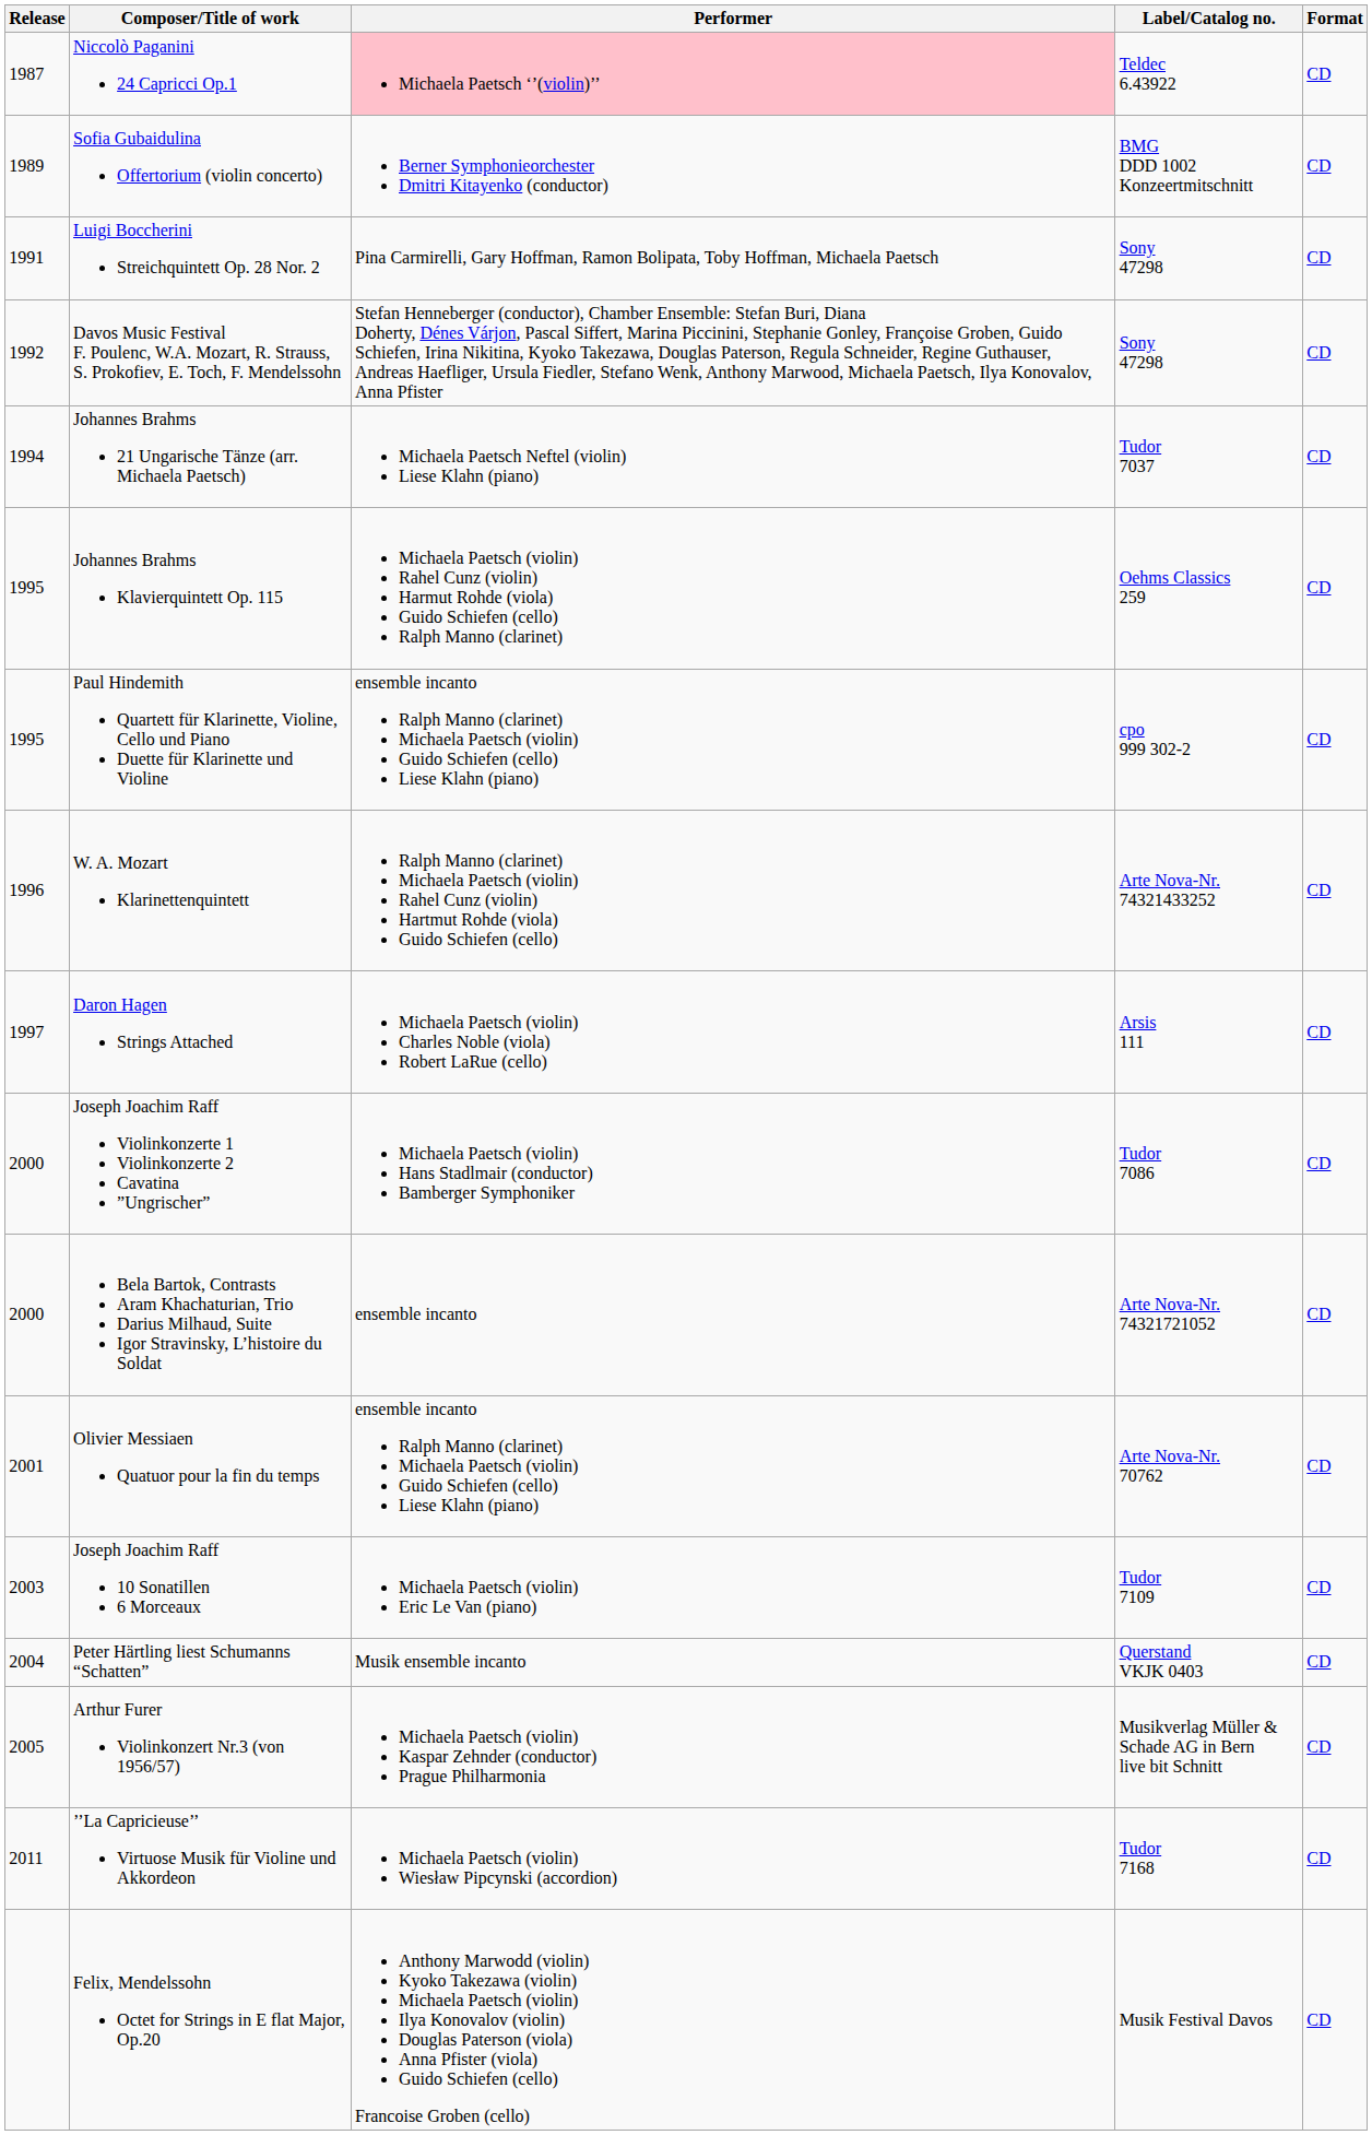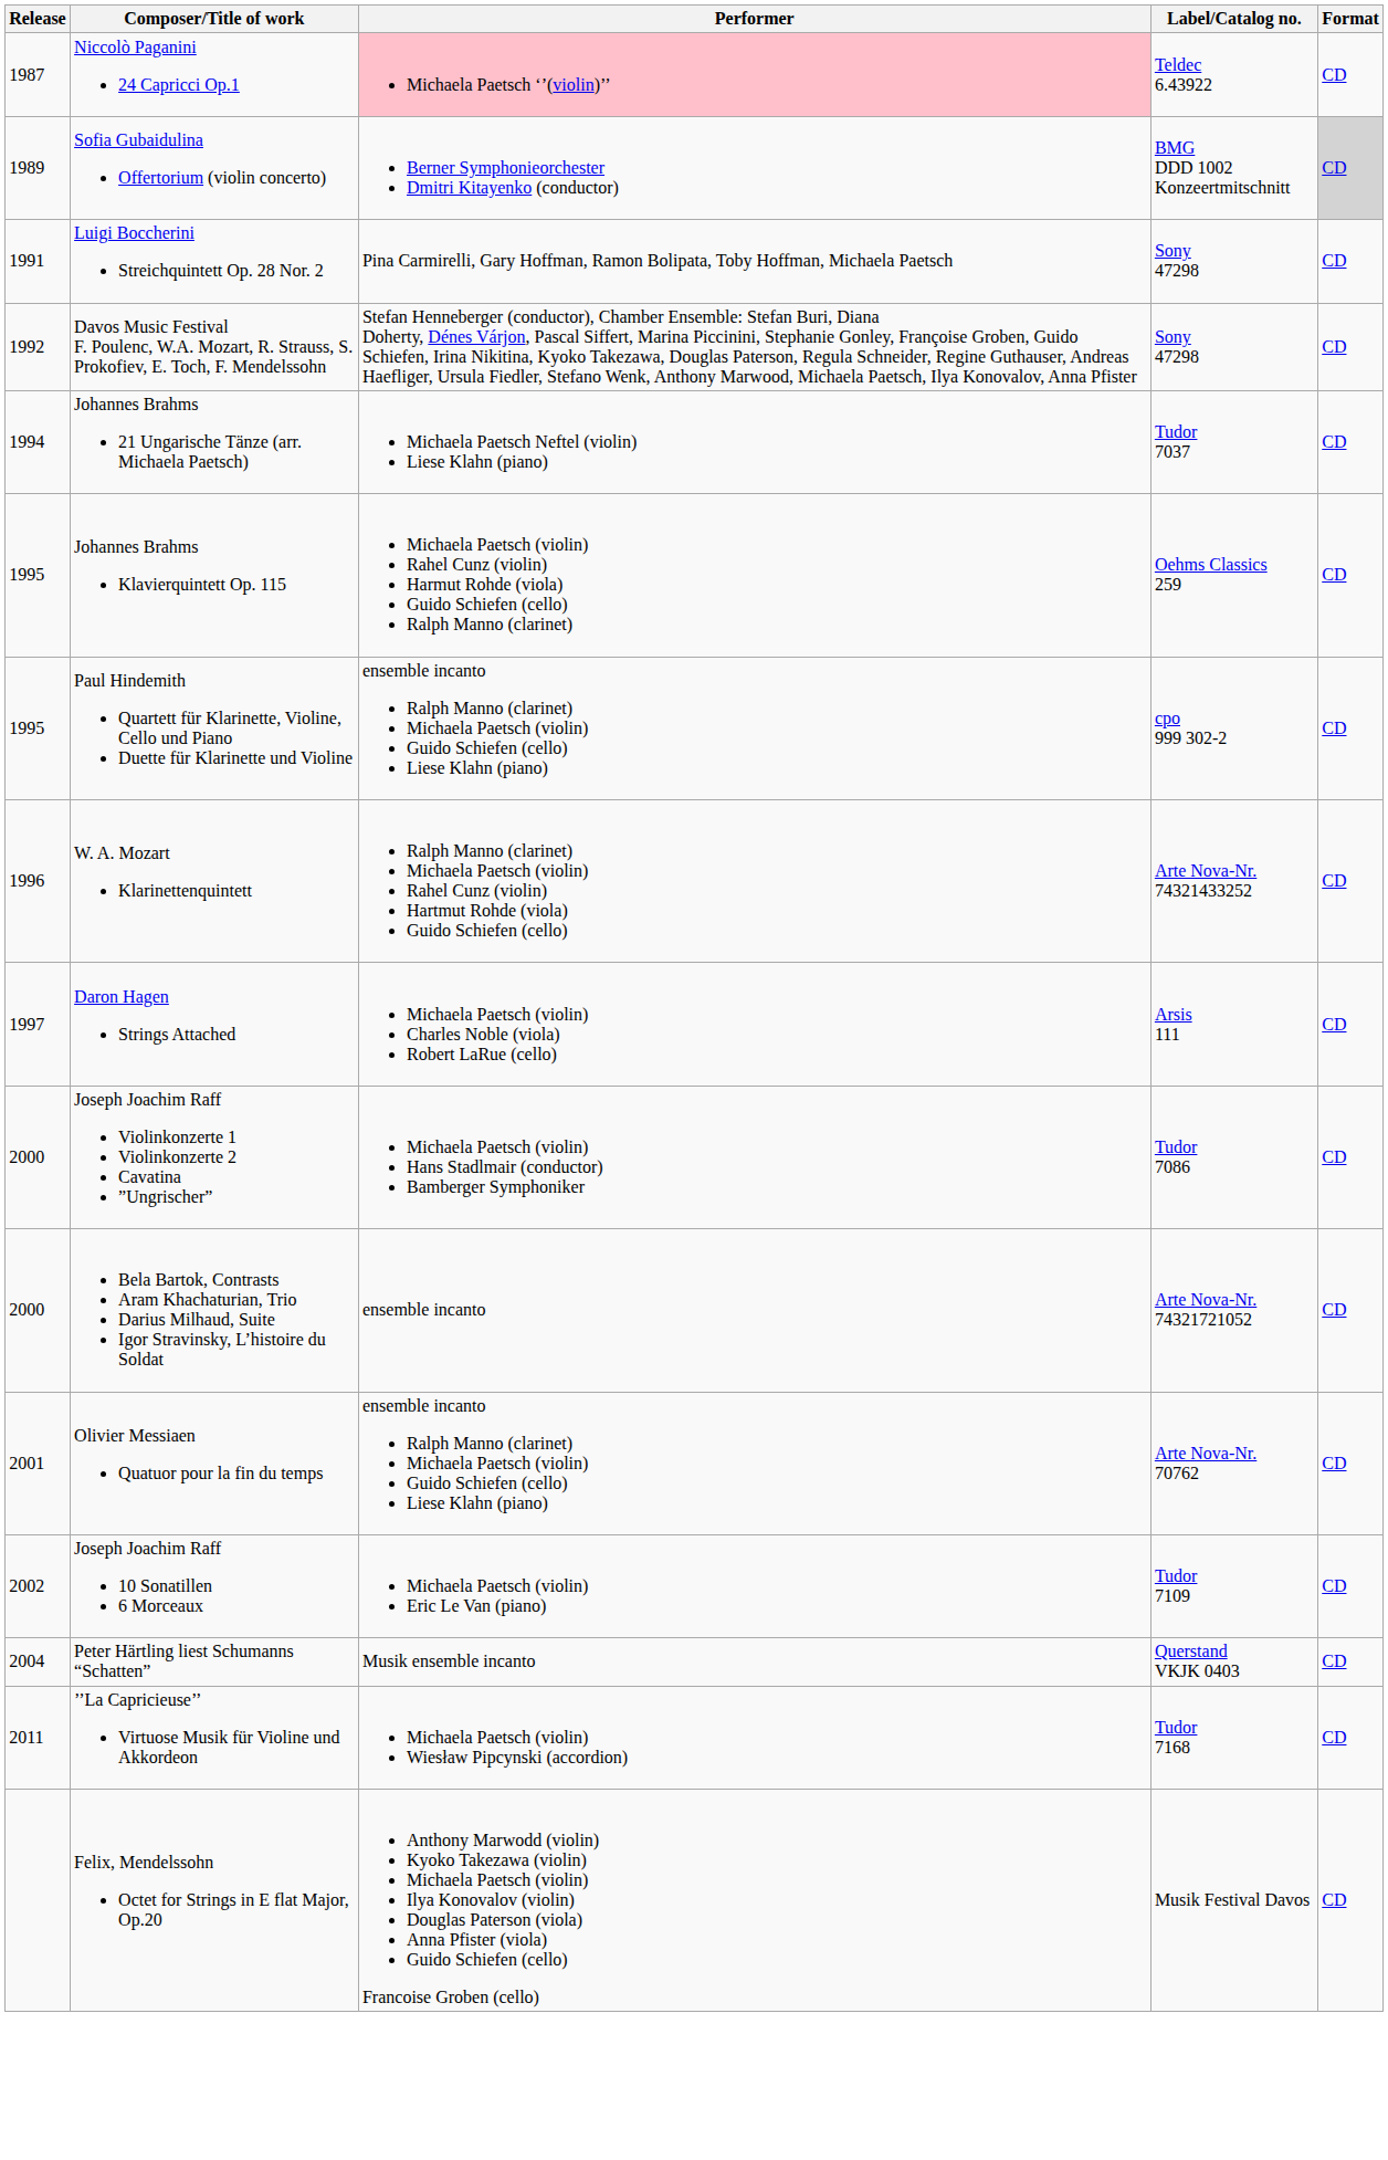 <table class="wikitable sortable">
 <tr>
 <th>Release</th>
 <th>Composer/Title of work</th>
 <th class="unsortable">Performer</th>
 <th>Label/Catalog no.</th>
 <th>Format</th>
 </tr>
 <tr>
 <td>1987</td>
 <td><a href='#'>Niccolò Paganini</a><br><ul><li><a href='#'>24 Capricci Op.1</a></li></ul></td>
 <td style="background: pink;"><br><ul><li>Michaela Paetsch ‘’(<a href='#'>violin</a>)’’</li></ul></td>
 <td><a href='#'>Teldec</a><br>6.43922</td>
 <td><a href='#'>CD</a></td>
 </tr>
 <tr>
 <td>1989</td>
 <td><a href='#'>Sofia Gubaidulina</a><br><ul><li><a href='#'>Offertorium</a> (violin concerto)</li></ul></td>
 <td><br><ul><li><a href='#'>Berner Symphonieorchester</a></li><li><a href='#'>Dmitri Kitayenko</a> (conductor)</li></ul></td>
 <td><a href='#'>BMG</a><br>DDD 1002 Konzeertmitschnitt</td>
-<td><a href='#'>CD</a></td>
+<td style="background: lightgrey;"><a href='#'>CD</a></td>
 </tr>
 <tr>
 <td>1991</td>
 <td><a href='#'>Luigi Boccherini</a><br><ul><li>Streichquintett Op. 28 Nor. 2</li></ul></td>
 <td>Pina Carmirelli, Gary Hoffman, Ramon Bolipata, Toby Hoffman, Michaela Paetsch</td>
 <td><a href='#'>Sony</a><br>47298</td>
 <td><a href='#'>CD</a></td>
 </tr>
 <tr>
 <td>1992</td>
 <td>Davos Music Festival<br>F. Poulenc, W.A. Mozart, R. Strauss, S. Prokofiev, E. Toch, F. Mendelssohn</td>
 <td>Stefan Henneberger (conductor), Chamber Ensemble: Stefan Buri, Diana<br>Doherty, <a href='#'>Dénes Várjon</a>, Pascal Siffert, Marina Piccinini, Stephanie Gonley, Françoise Groben, Guido Schiefen, Irina Nikitina, Kyoko Takezawa, Douglas Paterson, Regula Schneider, Regine Guthauser, Andreas Haefliger, Ursula Fiedler, Stefano Wenk, Anthony Marwood, Michaela Paetsch, Ilya Konovalov, Anna Pfister</td>
 <td><a href='#'>Sony</a><br>47298</td>
 <td><a href='#'>CD</a></td>
 </tr>
 <tr>
 <td>1994</td>
 <td>Johannes Brahms<br><ul><li>21 Ungarische Tänze (arr. Michaela Paetsch)</li></ul></td>
 <td><br><ul><li>Michaela Paetsch Neftel (violin)</li><li>Liese Klahn (piano)</li></ul></td>
 <td><a href='#'>Tudor</a><br>7037</td>
 <td><a href='#'>CD</a></td>
 </tr>
 <tr>
 <td>1995</td>
 <td>Johannes Brahms<br><ul><li>Klavierquintett Op. 115</li></ul></td>
 <td><br><ul><li>Michaela Paetsch (violin)</li><li>Rahel Cunz (violin)</li><li>Harmut Rohde (viola)</li><li>Guido Schiefen (cello)</li><li>Ralph Manno (clarinet)</li></ul></td>
 <td><a href='#'>Oehms Classics</a><br>259</td>
 <td><a href='#'>CD</a></td>
 </tr>
 <tr>
 <td>1995</td>
 <td>Paul Hindemith<br><ul><li>Quartett für Klarinette, Violine, Cello und Piano</li><li>Duette für Klarinette und Violine</li></ul></td>
 <td>ensemble incanto<br><ul><li>Ralph Manno (clarinet)</li><li>Michaela Paetsch (violin)</li><li>Guido Schiefen (cello)</li><li>Liese Klahn (piano)</li></ul></td>
 <td><a href='#'>cpo</a><br>999 302-2</td>
 <td><a href='#'>CD</a></td>
 </tr>
 <tr>
 <td>1996</td>
 <td>W. A. Mozart<br><ul><li>Klarinettenquintett</li></ul></td>
 <td><br><ul><li>Ralph Manno (clarinet)</li><li>Michaela Paetsch (violin)</li><li>Rahel Cunz (violin)</li><li>Hartmut Rohde (viola)</li><li>Guido Schiefen (cello)</li></ul></td>
 <td><a href='#'>Arte Nova-Nr.</a><br>74321433252</td>
 <td><a href='#'>CD</a></td>
 </tr>
 <tr>
 <td>1997</td>
 <td><a href='#'>Daron Hagen</a><br><ul><li>Strings Attached</li></ul></td>
 <td><br><ul><li>Michaela Paetsch (violin)</li><li>Charles Noble (viola)</li><li>Robert LaRue (cello)</li></ul></td>
 <td><a href='#'>Arsis</a><br>111</td>
 <td><a href='#'>CD</a></td>
 </tr>
 <tr>
 <td>2000</td>
 <td>Joseph Joachim Raff<br><ul><li>Violinkonzerte 1</li><li>Violinkonzerte 2</li><li>Cavatina</li><li>”Ungrischer”</li></ul></td>
 <td><br><ul><li>Michaela Paetsch (violin)</li><li>Hans Stadlmair (conductor)</li><li>Bamberger Symphoniker</li></ul></td>
 <td><a href='#'>Tudor</a><br>7086</td>
 <td><a href='#'>CD</a></td>
 </tr>
 <tr>
 <td>2000</td>
 <td><br><ul><li>Bela Bartok, Contrasts</li><li>Aram Khachaturian, Trio</li><li>Darius Milhaud, Suite</li><li>Igor Stravinsky, L’histoire du Soldat</li></ul></td>
 <td>ensemble incanto</td>
 <td><a href='#'>Arte Nova-Nr.</a><br>74321721052</td>
 <td><a href='#'>CD</a></td>
 </tr>
 <tr>
 <td>2001</td>
 <td>Olivier Messiaen<br><ul><li>Quatuor pour la fin du temps</li></ul></td>
 <td>ensemble incanto<br><ul><li>Ralph Manno (clarinet)</li><li>Michaela Paetsch (violin)</li><li>Guido Schiefen (cello)</li><li>Liese Klahn (piano)</li></ul></td>
 <td><a href='#'>Arte Nova-Nr.</a><br>70762</td>
 <td><a href='#'>CD</a></td>
 </tr>
 <tr>
-<td>2003</td>
+<td>2002</td>
 <td>Joseph Joachim Raff<br><ul><li>10 Sonatillen</li><li>6 Morceaux</li></ul></td>
 <td><br><ul><li>Michaela Paetsch (violin)</li><li>Eric Le Van (piano)</li></ul></td>
 <td><a href='#'>Tudor</a><br>7109</td>
 <td><a href='#'>CD</a></td>
 </tr>
 <tr>
 <td>2004</td>
 <td>Peter Härtling liest Schumanns “Schatten”</td>
 <td>Musik ensemble incanto</td>
 <td><a href='#'>Querstand</a><br>VKJK 0403</td>
-<td><a href='#'>CD</a></td>
-</tr>
-<tr>
-<td>2005</td>
-<td>Arthur Furer<br><ul><li>Violinkonzert Nr.3 (von 1956/57)</li></ul></td>
-<td><br><ul><li>Michaela Paetsch (violin)</li><li>Kaspar Zehnder (conductor)</li><li>Prague Philharmonia</li></ul></td>
-<td>Musikverlag Müller & Schade AG in Bern<br>live bit Schnitt</td>
 <td><a href='#'>CD</a></td>
 </tr>
 <tr>
 <td>2011</td>
 <td>’’La Capricieuse’’<br><ul><li>Virtuose Musik für Violine und Akkordeon</li></ul></td>
 <td><br><ul><li>Michaela Paetsch (violin)</li><li>Wiesław Pipcynski (accordion)</li></ul></td>
 <td><a href='#'>Tudor</a><br>7168</td>
 <td><a href='#'>CD</a></td>
 </tr>
 <tr>
 <td></td>
 <td>Felix, Mendelssohn<br><ul><li>Octet for Strings in E flat Major, Op.20</li></ul></td>
 <td><br><ul><li>Anthony Marwodd (violin)</li><li>Kyoko Takezawa (violin)</li><li>Michaela Paetsch (violin)</li><li>Ilya Konovalov (violin)</li><li>Douglas Paterson (viola)</li><li>Anna Pfister (viola)</li><li>Guido Schiefen (cello)</li></ul>Francoise Groben (cello)</td>
 <td>Musik Festival Davos</td>
 <td><a href='#'>CD</a></td>
 </tr>
 </table>
